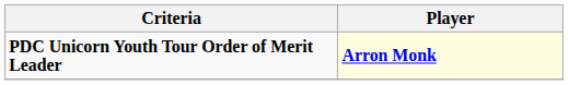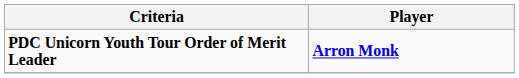 <table class="wikitable">
 <tr>
 <th width=300>Criteria</th>
 <th width=200>Player</th>
 </tr>
 <tr>
 <td><strong>PDC Unicorn Youth Tour Order of Merit Leader</strong></td>
-<td style="background: lightyellow;"> <strong><a href='#'>Arron Monk</a></strong></td>
+<td> <strong><a href='#'>Arron Monk</a></strong></td>
 </tr>
 <tr>
 </tr>
 </table>
